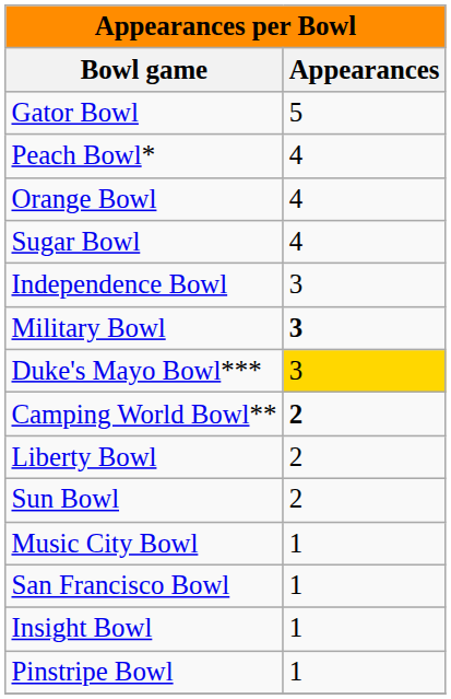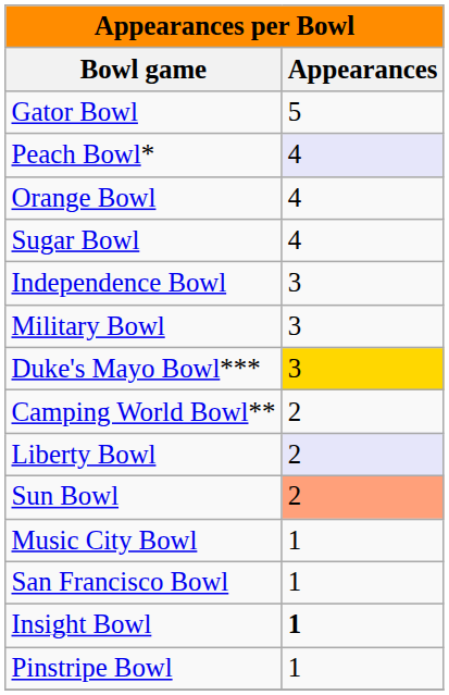 <table class="wikitable">
 <tr>
 <th colspan="4" style="background:#FF8C00;">Appearances per Bowl</th>
 </tr>
 <tr>
 <th>Bowl game</th>
 <th>Appearances</th>
 </tr>
 <tr>
 <td><a href='#'>Gator Bowl</a></td>
 <td>5</td>
 </tr>
 <tr>
 <td><a href='#'>Peach Bowl</a>*</td>
-<td>4</td>
+<td style="background: lavender;">4</td>
 </tr>
 <tr>
 <td><a href='#'>Orange Bowl</a></td>
 <td>4</td>
 </tr>
 <tr>
 <td><a href='#'>Sugar Bowl</a></td>
 <td>4</td>
 </tr>
 <tr>
 <td><a href='#'>Independence Bowl</a></td>
 <td>3</td>
 </tr>
 <tr>
 <td><a href='#'>Military Bowl</a></td>
-<td><strong>3</strong></td>
+<td>3</td>
 </tr>
 <tr>
 <td><a href='#'>Duke's Mayo Bowl</a>***</td>
 <td style="background: gold;">3</td>
 </tr>
 <tr>
 <td><a href='#'>Camping World Bowl</a>**</td>
-<td><strong>2</strong></td>
+<td>2</td>
 </tr>
 <tr>
 <td><a href='#'>Liberty Bowl</a></td>
-<td>2</td>
+<td style="background: lavender;">2</td>
 </tr>
 <tr>
 <td><a href='#'>Sun Bowl</a></td>
-<td>2</td>
+<td style="background: lightsalmon;">2</td>
 </tr>
 <tr>
 <td><a href='#'>Music City Bowl</a></td>
 <td>1</td>
 </tr>
 <tr>
 <td><a href='#'>San Francisco Bowl</a></td>
 <td>1</td>
 </tr>
 <tr>
 <td><a href='#'>Insight Bowl</a></td>
-<td>1</td>
+<td><strong>1</strong></td>
 </tr>
 <tr>
 <td><a href='#'>Pinstripe Bowl</a></td>
 <td>1</td>
 </tr>
 <tr>
 </tr>
 </table>
